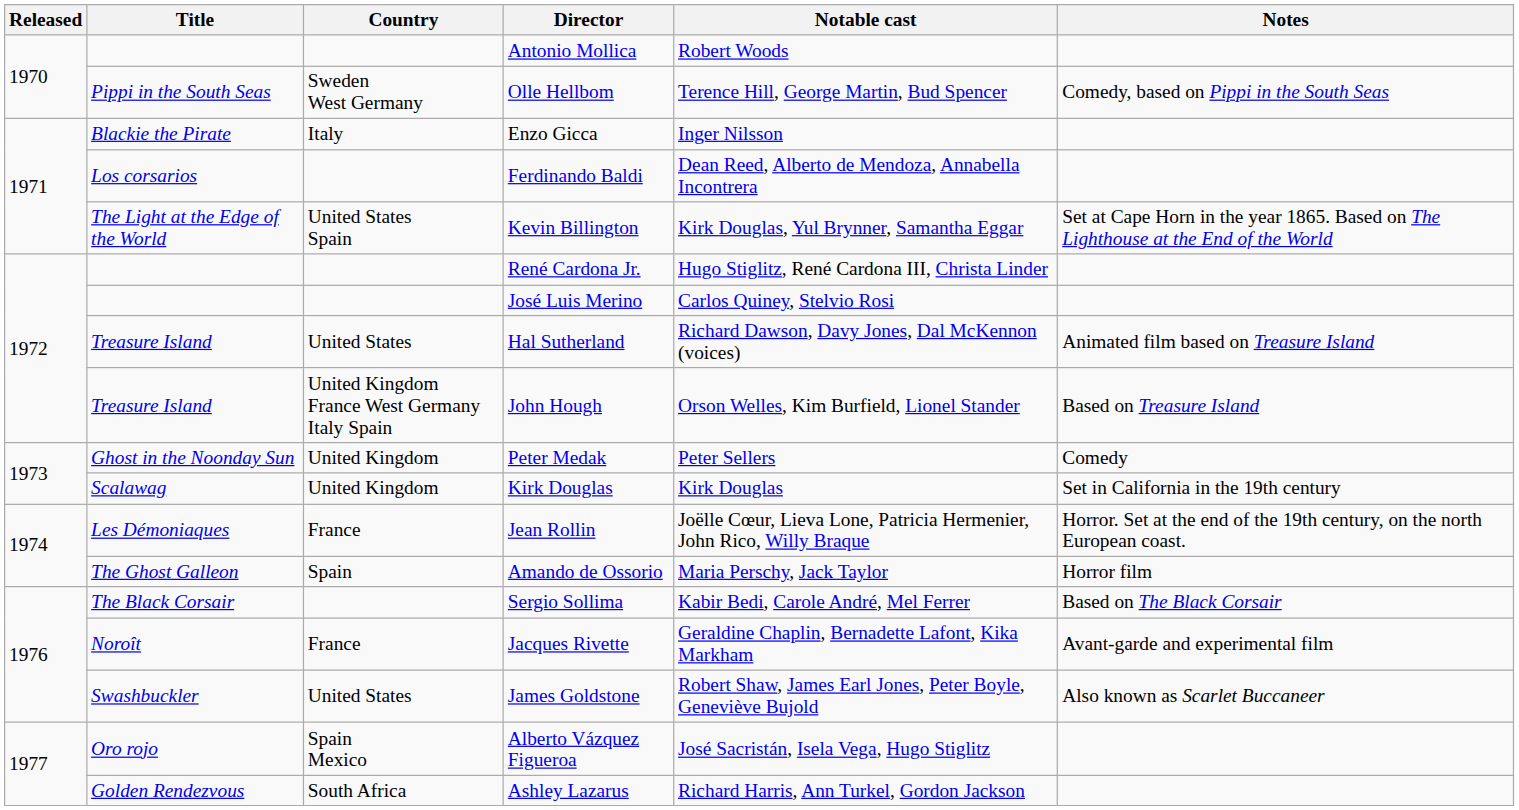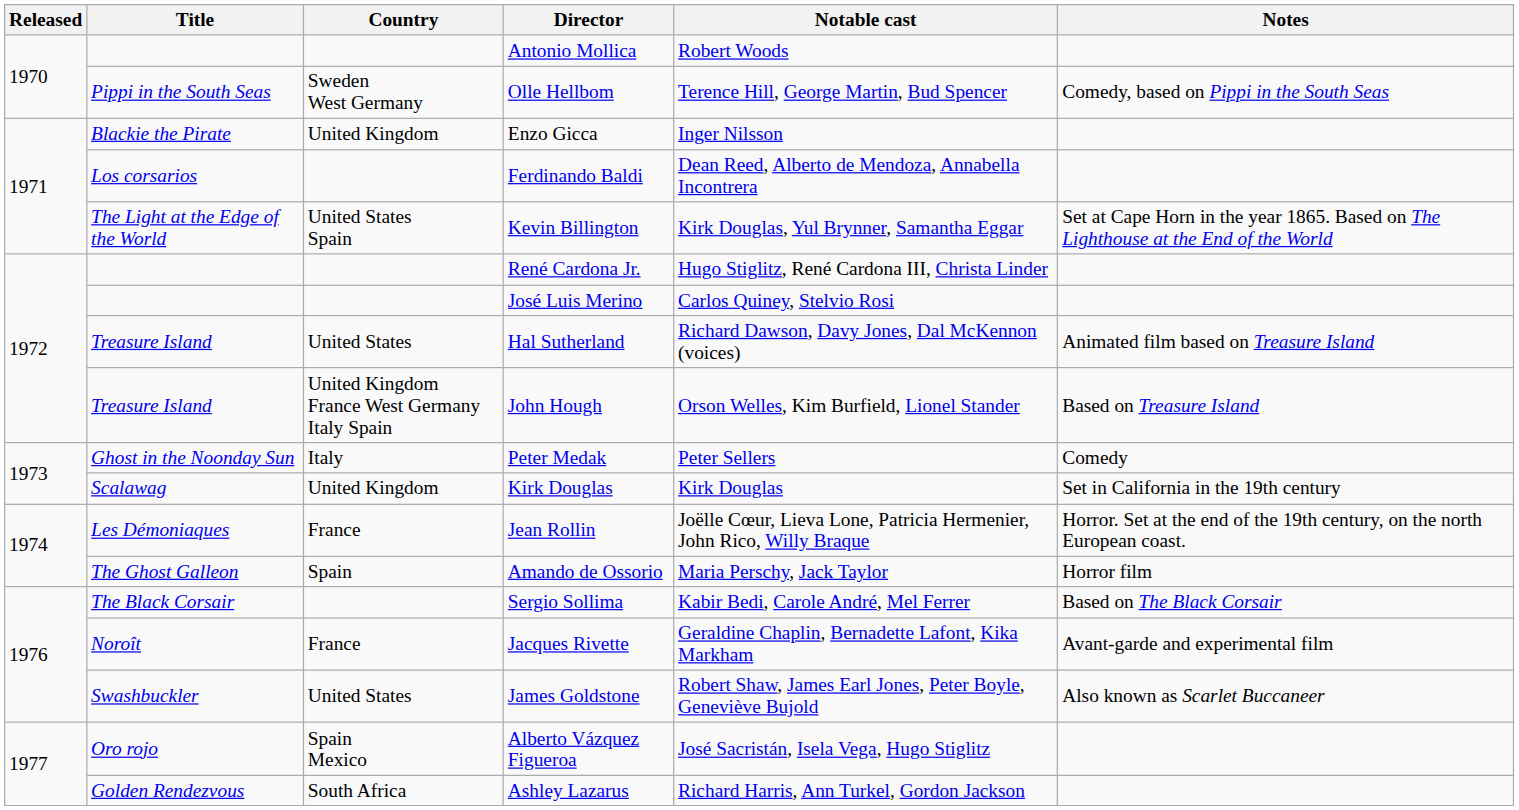 <table class="wikitable sortable">
 <tr>
 <th>Released</th>
 <th>Title</th>
 <th>Country</th>
 <th>Director</th>
 <th>Notable cast</th>
 <th>Notes</th>
 </tr>
 <tr>
 <td rowspan="2">1970</td>
 <td><em></em></td>
 <td></td>
 <td><a href='#'>Antonio Mollica</a></td>
 <td><a href='#'>Robert Woods</a></td>
 <td></td>
 </tr>
 <tr>
 <td><em><a href='#'>Pippi in the South Seas</a></em></td>
 <td>Sweden<br>West Germany</td>
 <td><a href='#'>Olle Hellbom</a></td>
 <td><a href='#'>Terence Hill</a>, <a href='#'>George Martin</a>, <a href='#'>Bud Spencer</a></td>
 <td>Comedy, based on <em><a href='#'>Pippi in the South Seas</a></em></td>
 </tr>
 <tr>
 <td rowspan="3">1971</td>
 <td><em><a href='#'>Blackie the Pirate</a></em></td>
-<td>Italy</td>
+<td>United Kingdom</td>
 <td>Enzo Gicca</td>
 <td><a href='#'>Inger Nilsson</a></td>
 <td></td>
 </tr>
 <tr>
 <td><em><a href='#'>Los corsarios</a></em></td>
 <td></td>
 <td><a href='#'>Ferdinando Baldi</a></td>
 <td><a href='#'>Dean Reed</a>, <a href='#'>Alberto de Mendoza</a>, <a href='#'>Annabella Incontrera</a></td>
 <td></td>
 </tr>
 <tr>
 <td><em><a href='#'>The Light at the Edge of the World</a></em></td>
 <td>United States<br>Spain</td>
 <td><a href='#'>Kevin Billington</a></td>
 <td><a href='#'>Kirk Douglas</a>, <a href='#'>Yul Brynner</a>, <a href='#'>Samantha Eggar</a></td>
 <td>Set at Cape Horn in the year 1865. Based on <em><a href='#'>The Lighthouse at the End of the World</a></em></td>
 </tr>
 <tr>
 <td rowspan="4">1972</td>
 <td><em></em></td>
 <td></td>
 <td><a href='#'>René Cardona Jr.</a></td>
 <td><a href='#'>Hugo Stiglitz</a>, René Cardona III, <a href='#'>Christa Linder</a></td>
 <td></td>
 </tr>
 <tr>
 <td><em></em></td>
 <td></td>
 <td><a href='#'>José Luis Merino</a></td>
 <td><a href='#'>Carlos Quiney</a>, <a href='#'>Stelvio Rosi</a></td>
 <td></td>
 </tr>
 <tr>
 <td><em><a href='#'>Treasure Island</a></em></td>
 <td>United States</td>
 <td><a href='#'>Hal Sutherland</a></td>
 <td><a href='#'>Richard Dawson</a>, <a href='#'>Davy Jones</a>, <a href='#'>Dal McKennon</a> (voices)</td>
 <td>Animated film based on <em><a href='#'>Treasure Island</a></em></td>
 </tr>
 <tr>
 <td><em><a href='#'>Treasure Island</a></em></td>
 <td>United Kingdom<br>France West Germany Italy Spain</td>
 <td><a href='#'>John Hough</a></td>
 <td><a href='#'>Orson Welles</a>, Kim Burfield, <a href='#'>Lionel Stander</a></td>
 <td>Based on <em><a href='#'>Treasure Island</a></em></td>
 </tr>
 <tr>
 <td rowspan="2">1973</td>
 <td><em><a href='#'>Ghost in the Noonday Sun</a></em></td>
-<td>United Kingdom</td>
+<td>Italy</td>
 <td><a href='#'>Peter Medak</a></td>
 <td><a href='#'>Peter Sellers</a></td>
 <td>Comedy</td>
 </tr>
 <tr>
 <td><em><a href='#'>Scalawag</a></em></td>
 <td>United Kingdom</td>
 <td><a href='#'>Kirk Douglas</a></td>
 <td><a href='#'>Kirk Douglas</a></td>
 <td>Set in California in the 19th century</td>
 </tr>
 <tr>
 <td rowspan="2">1974</td>
 <td><em><a href='#'>Les Démoniaques</a></em></td>
 <td>France</td>
 <td><a href='#'>Jean Rollin</a></td>
 <td>Joëlle Cœur, Lieva Lone, Patricia Hermenier, John Rico, <a href='#'>Willy Braque</a></td>
 <td>Horror. Set at the end of the 19th century, on the north European coast.</td>
 </tr>
 <tr>
 <td><em><a href='#'>The Ghost Galleon</a></em></td>
 <td>Spain</td>
 <td><a href='#'>Amando de Ossorio</a></td>
 <td><a href='#'>Maria Perschy</a>, <a href='#'>Jack Taylor</a></td>
 <td>Horror film</td>
 </tr>
 <tr>
 <td rowspan="3">1976</td>
 <td><em><a href='#'>The Black Corsair</a></em></td>
 <td></td>
 <td><a href='#'>Sergio Sollima</a></td>
 <td><a href='#'>Kabir Bedi</a>, <a href='#'>Carole André</a>, <a href='#'>Mel Ferrer</a></td>
 <td>Based on <em><a href='#'>The Black Corsair</a></em></td>
 </tr>
 <tr>
 <td><em><a href='#'>Noroît</a></em></td>
 <td>France</td>
 <td><a href='#'>Jacques Rivette</a></td>
 <td><a href='#'>Geraldine Chaplin</a>, <a href='#'>Bernadette Lafont</a>, <a href='#'>Kika Markham</a></td>
 <td>Avant-garde and experimental film</td>
 </tr>
 <tr>
 <td><em><a href='#'>Swashbuckler</a></em></td>
 <td>United States</td>
 <td><a href='#'>James Goldstone</a></td>
 <td><a href='#'>Robert Shaw</a>, <a href='#'>James Earl Jones</a>, <a href='#'>Peter Boyle</a>, <a href='#'>Geneviève Bujold</a></td>
 <td>Also known as <em>Scarlet Buccaneer</em></td>
 </tr>
 <tr>
 <td rowspan="2">1977</td>
 <td><em><a href='#'>Oro rojo</a></em></td>
 <td>Spain<br>Mexico</td>
 <td><a href='#'>Alberto Vázquez Figueroa</a></td>
 <td><a href='#'>José Sacristán</a>, <a href='#'>Isela Vega</a>, <a href='#'>Hugo Stiglitz</a></td>
 <td></td>
 </tr>
 <tr>
 <td><em><a href='#'>Golden Rendezvous</a></em></td>
 <td>South Africa</td>
 <td><a href='#'>Ashley Lazarus</a></td>
 <td><a href='#'>Richard Harris</a>, <a href='#'>Ann Turkel</a>, <a href='#'>Gordon Jackson</a></td>
 <td></td>
 </tr>
 </table>
